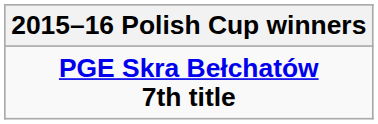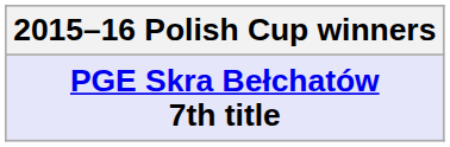 <table class=wikitable style="text-align:center; margin:auto">
 <tr>
 <th>2015–16 Polish Cup winners</th>
 </tr>
 <tr>
-<td><strong><a href='#'>PGE Skra Bełchatów</a></strong><br><strong>7th title</strong></td>
+<td style="background: lavender;"><strong><a href='#'>PGE Skra Bełchatów</a></strong><br><strong>7th title</strong></td>
 </tr>
 </table>
